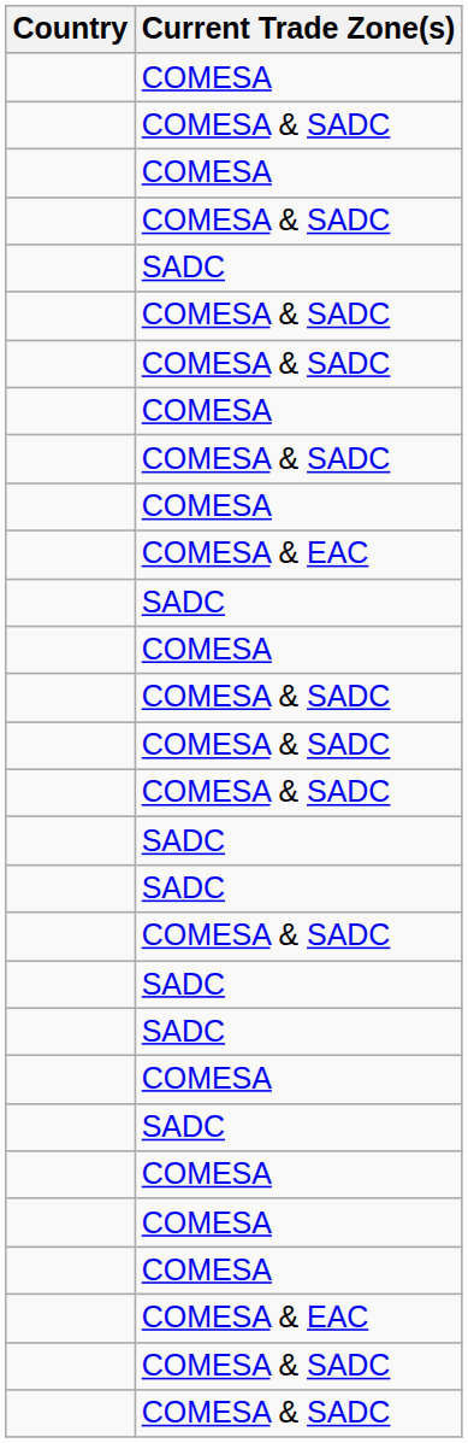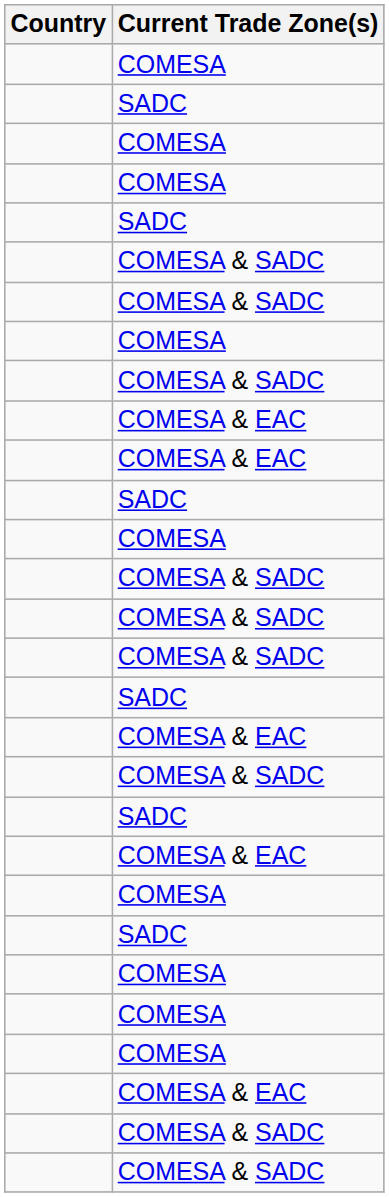 <table class="wikitable">
 <tr>
 <th>Country</th>
 <th>Current Trade Zone(s)</th>
 </tr>
 <tr>
 <td></td>
 <td><a href='#'>COMESA</a></td>
 </tr>
 <tr>
 <td></td>
-<td><a href='#'>COMESA</a> & <a href='#'>SADC</a></td>
+<td><a href='#'>SADC</a></td>
 </tr>
 <tr>
 <td></td>
 <td><a href='#'>COMESA</a></td>
 </tr>
 <tr>
 <td></td>
-<td><a href='#'>COMESA</a> & <a href='#'>SADC</a></td>
+<td><a href='#'>COMESA</a></td>
 </tr>
 <tr>
 <td></td>
 <td><a href='#'>SADC</a></td>
 </tr>
 <tr>
 <td></td>
 <td><a href='#'>COMESA</a> & <a href='#'>SADC</a></td>
 </tr>
 <tr>
 <td></td>
 <td><a href='#'>COMESA</a> & <a href='#'>SADC</a></td>
 </tr>
 <tr>
 <td></td>
 <td><a href='#'>COMESA</a></td>
 </tr>
 <tr>
 <td></td>
 <td><a href='#'>COMESA</a> & <a href='#'>SADC</a></td>
 </tr>
 <tr>
 <td></td>
-<td><a href='#'>COMESA</a></td>
+<td><a href='#'>COMESA</a> & <a href='#'>EAC</a></td>
 </tr>
 <tr>
 <td></td>
 <td><a href='#'>COMESA</a> & <a href='#'>EAC</a></td>
 </tr>
 <tr>
 <td></td>
 <td><a href='#'>SADC</a></td>
 </tr>
 <tr>
 <td></td>
 <td><a href='#'>COMESA</a></td>
 </tr>
 <tr>
 <td></td>
 <td><a href='#'>COMESA</a> & <a href='#'>SADC</a></td>
 </tr>
 <tr>
 <td></td>
 <td><a href='#'>COMESA</a> & <a href='#'>SADC</a></td>
 </tr>
 <tr>
 <td></td>
 <td><a href='#'>COMESA</a> & <a href='#'>SADC</a></td>
 </tr>
 <tr>
 <td></td>
 <td><a href='#'>SADC</a></td>
 </tr>
 <tr>
 <td></td>
-<td><a href='#'>SADC</a></td>
+<td><a href='#'>COMESA</a> & <a href='#'>EAC</a></td>
 </tr>
 <tr>
 <td></td>
 <td><a href='#'>COMESA</a> & <a href='#'>SADC</a></td>
 </tr>
 <tr>
 <td></td>
 <td><a href='#'>SADC</a></td>
 </tr>
 <tr>
 <td></td>
-<td><a href='#'>SADC</a></td>
+<td><a href='#'>COMESA</a> & <a href='#'>EAC</a></td>
 </tr>
 <tr>
 <td></td>
 <td><a href='#'>COMESA</a></td>
 </tr>
 <tr>
 <td></td>
 <td><a href='#'>SADC</a></td>
 </tr>
 <tr>
 <td></td>
 <td><a href='#'>COMESA</a></td>
 </tr>
 <tr>
 <td></td>
 <td><a href='#'>COMESA</a></td>
 </tr>
 <tr>
 <td></td>
 <td><a href='#'>COMESA</a></td>
 </tr>
 <tr>
 <td></td>
 <td><a href='#'>COMESA</a> & <a href='#'>EAC</a></td>
 </tr>
 <tr>
 <td></td>
 <td><a href='#'>COMESA</a> & <a href='#'>SADC</a></td>
 </tr>
 <tr>
 <td></td>
 <td><a href='#'>COMESA</a> & <a href='#'>SADC</a></td>
 </tr>
 </table>
